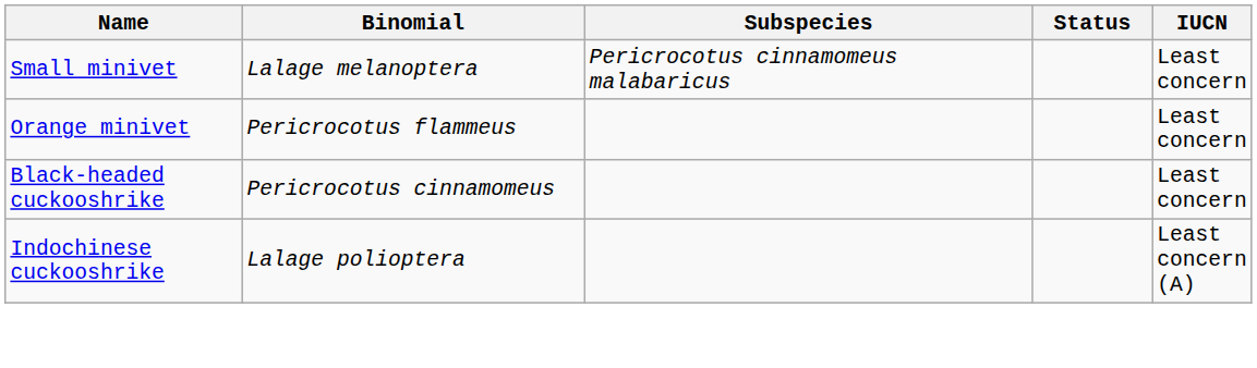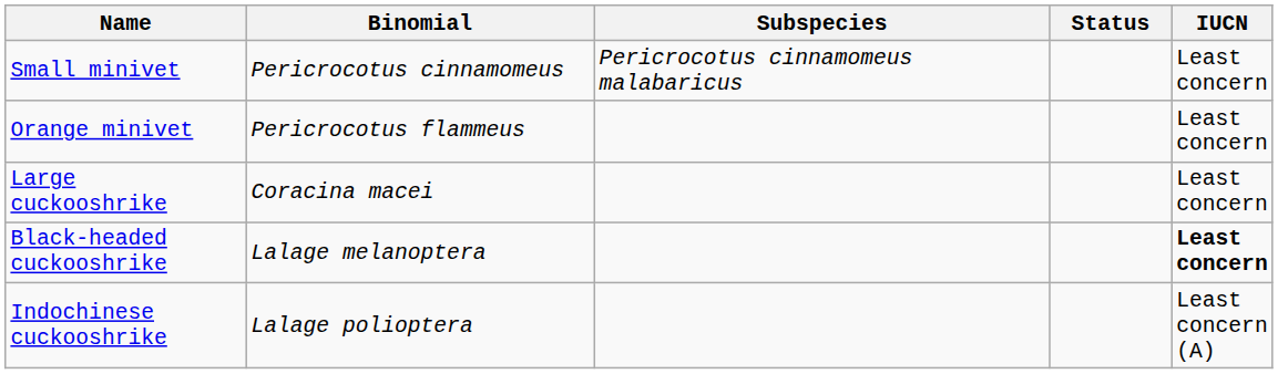 <table width=60% class="wikitable">
 <tr>
 <th width=20%>Name</th>
 <th width=30%>Binomial</th>
 <th width=40%>Subspecies</th>
 <th width=30%>Status</th>
 <th width=30%>IUCN</th>
 </tr>
 <tr>
 <td><a href='#'>Small minivet</a><br> </td>
-<td><em>Lalage melanoptera</em></td>
+<td><em>Pericrocotus cinnamomeus</em></td>
 <td><em>Pericrocotus cinnamomeus malabaricus</em></td>
 <td></td>
 <td>Least concern</td>
 </tr>
 <tr>
 <td><a href='#'>Orange minivet</a><br> </td>
 <td><em>Pericrocotus flammeus</em></td>
 <td></td>
 <td></td>
 <td>Least concern</td>
 </tr>
 <tr>
-<td><a href='#'>Black-headed cuckooshrike</a><br></td>
-<td><em>Pericrocotus cinnamomeus</em></td>
+<td><a href='#'>Large cuckooshrike</a><br></td>
+<td><em>Coracina macei</em></td>
 <td></td>
 <td></td>
 <td>Least concern</td>
+</tr>
+<tr>
+<td><a href='#'>Black-headed cuckooshrike</a><br></td>
+<td><em>Lalage melanoptera</em></td>
+<td></td>
+<td></td>
+<td><strong>Least concern</strong></td>
 </tr>
 <tr>
 <td><a href='#'>Indochinese cuckooshrike</a><br></td>
 <td><em>Lalage polioptera</em></td>
 <td></td>
 <td></td>
 <td>Least concern<br>(A)</td>
 </tr>
 </table>
